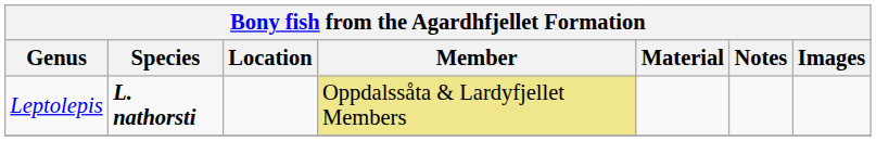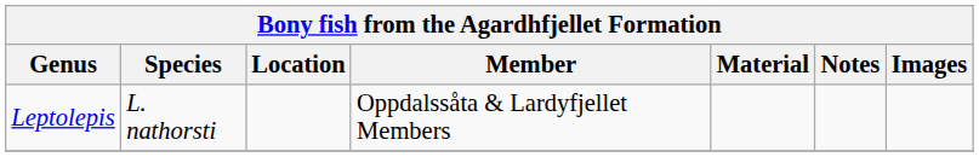 <table class="wikitable"  style="margin:auto; width:100%;">
 <tr>
 <th colspan="7" align="center"><strong><a href='#'>Bony fish</a> from the Agardhfjellet Formation</strong></th>
 </tr>
 <tr>
 <th>Genus</th>
 <th>Species</th>
 <th>Location</th>
 <th>Member</th>
 <th>Material</th>
 <th>Notes</th>
 <th>Images</th>
 </tr>
 <tr>
 <td><em><a href='#'>Leptolepis</a></em></td>
-<td><strong><em>L. nathorsti</em></strong></td>
+<td><em>L. nathorsti</em></td>
 <td></td>
-<td style="background: khaki;">Oppdalssåta & Lardyfjellet Members</td>
+<td>Oppdalssåta & Lardyfjellet Members</td>
 <td></td>
 <td></td>
 <td></td>
 </tr>
 <tr>
 </tr>
 </table>
